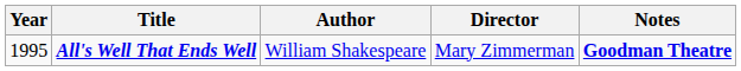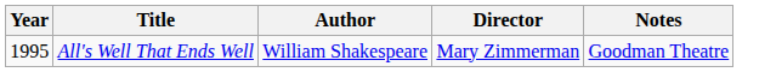 <table class="wikitable">
 <tr>
 <th>Year</th>
 <th>Title</th>
 <th>Author</th>
 <th>Director</th>
 <th>Notes</th>
 </tr>
 <tr>
 <td>1995</td>
-<td><strong><em><a href='#'>All's Well That Ends Well</a></em></strong></td>
+<td><em><a href='#'>All's Well That Ends Well</a></em></td>
 <td><a href='#'>William Shakespeare</a></td>
 <td><a href='#'>Mary Zimmerman</a></td>
-<td><strong><a href='#'>Goodman Theatre</a></strong></td>
+<td><a href='#'>Goodman Theatre</a></td>
 </tr>
 <tr>
 </tr>
 </table>
